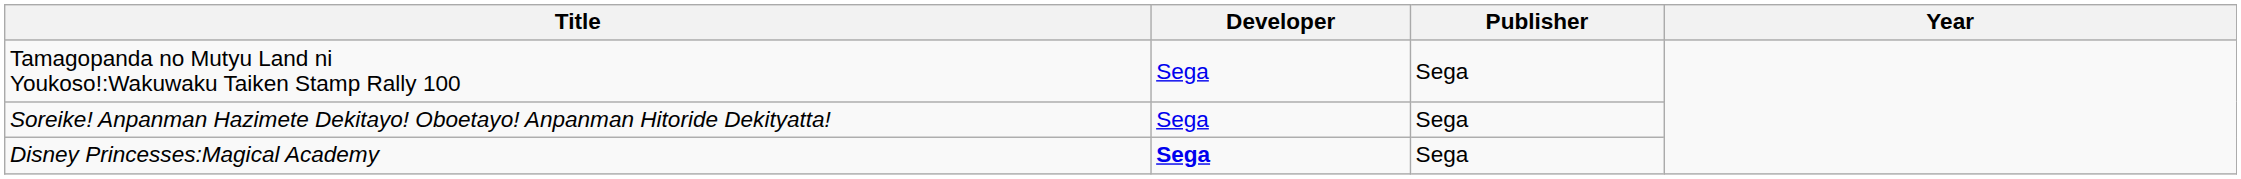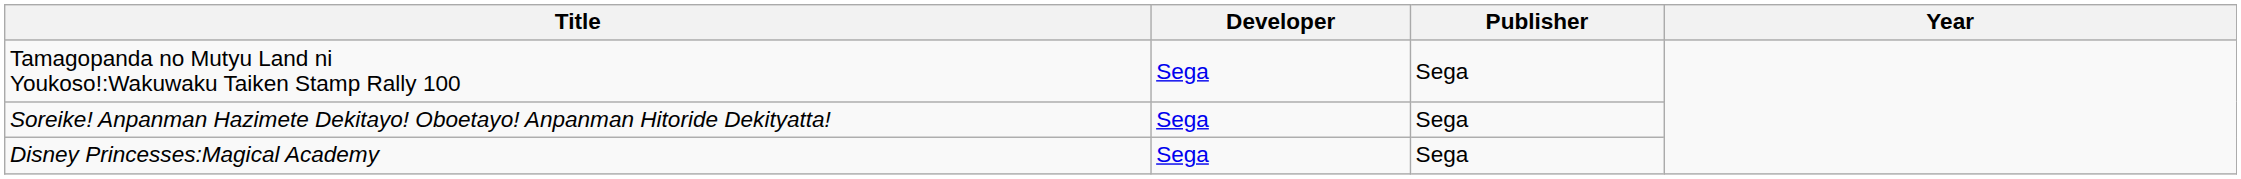 <table class="wikitable sortable" style="width:100%">
 <tr>
 <th width=20%>Title</th>
 <th width=4%>Developer</th>
 <th width=4%>Publisher</th>
 <th width=10%>Year</th>
 </tr>
 <tr>
 <td>Tamagopanda no Mutyu Land ni<br>Youkoso!:Wakuwaku Taiken Stamp Rally 100</td>
 <td><a href='#'>Sega</a></td>
 <td>Sega</td>
 <td rowspan="3"></td>
 </tr>
 <tr>
 <td><em>Soreike! Anpanman Hazimete Dekitayo! Oboetayo! Anpanman Hitoride Dekityatta!</em></td>
 <td><a href='#'>Sega</a></td>
 <td>Sega</td>
 </tr>
 <tr>
 <td><em>Disney Princesses:Magical Academy</em></td>
-<td><strong><a href='#'>Sega</a></strong></td>
+<td><a href='#'>Sega</a></td>
 <td>Sega</td>
 </tr>
 </table>
